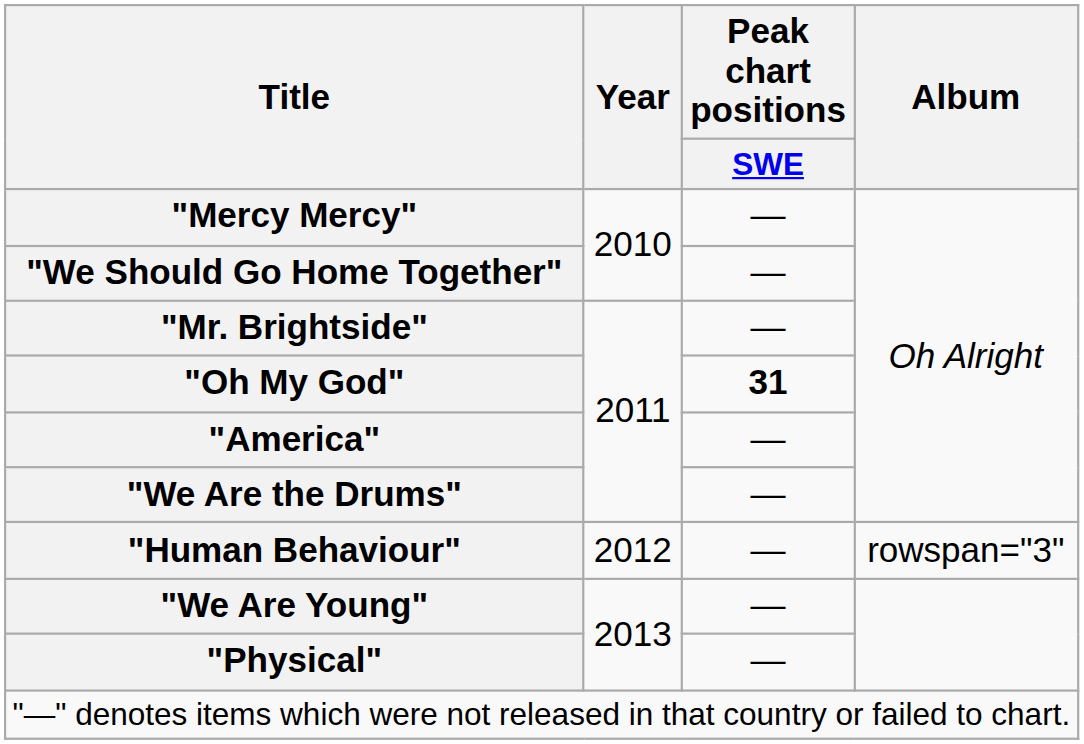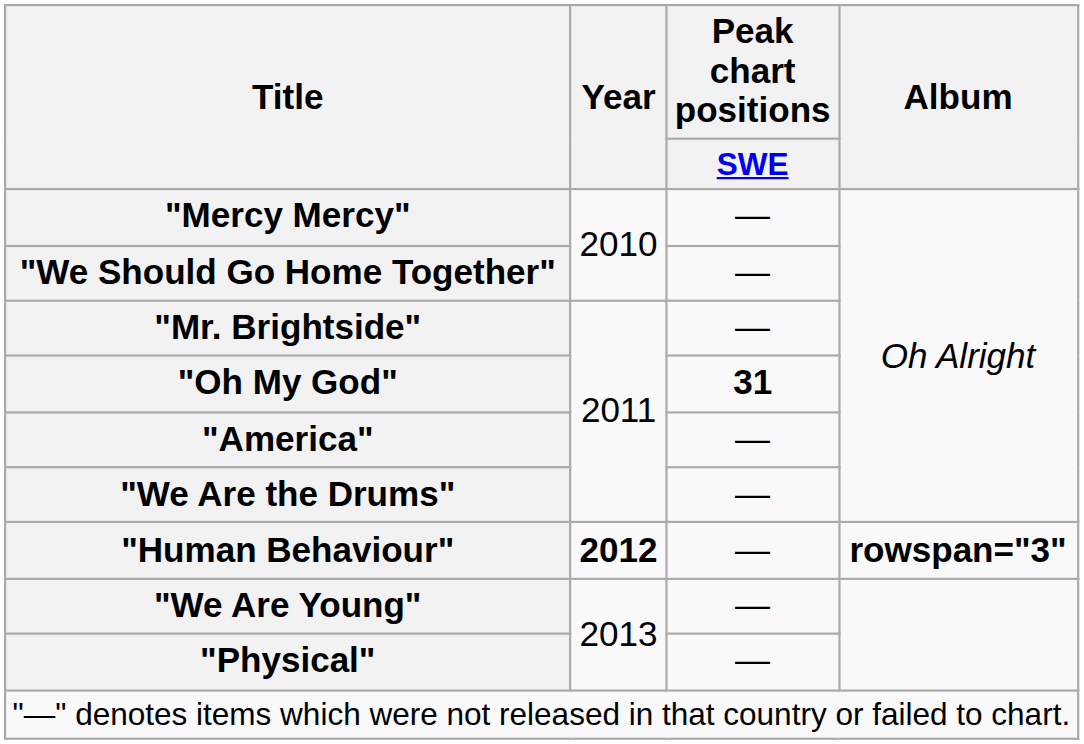 <table class="wikitable plainrowheaders" style="text-align:center;">
 <tr>
 <th scope="col" rowspan="2">Title</th>
 <th scope="col" rowspan="2">Year</th>
 <th scope="col" colspan="1">Peak chart positions</th>
 <th scope="col" rowspan="2">Album</th>
 </tr>
 <tr>
 <th scope="col" style="width:3em;font-size:90%;"><a href='#'>SWE</a><br></th>
 </tr>
 <tr>
 <th scope="row">"Mercy Mercy"</th>
 <td rowspan="2">2010</td>
 <td>—</td>
 <td rowspan="6"><em>Oh Alright</em></td>
 </tr>
 <tr>
 <th scope="row">"We Should Go Home Together"</th>
 <td>—</td>
 </tr>
 <tr>
 <th scope="row">"Mr. Brightside"</th>
 <td rowspan="4">2011</td>
 <td>—</td>
 </tr>
 <tr>
 <th scope="row">"Oh My God"</th>
 <td><strong>31</strong></td>
 </tr>
 <tr>
 <th scope="row">"America"</th>
 <td>—</td>
 </tr>
 <tr>
 <th scope="row">"We Are the Drums"</th>
 <td>—</td>
 </tr>
 <tr>
 <th scope="row">"Human Behaviour"</th>
-<td>2012</td>
+<td><strong>2012</strong></td>
 <td>—</td>
-<td>rowspan="3" </td>
+<td><strong>rowspan="3" </strong></td>
 </tr>
 <tr>
 <th scope="row">"We Are Young"</th>
 <td rowspan="2">2013</td>
 <td>—</td>
 </tr>
 <tr>
 <th scope="row">"Physical"</th>
 <td>—</td>
 </tr>
 <tr>
 <td colspan="14" style="font-size:90%">"—" denotes items which were not released in that country or failed to chart.</td>
 </tr>
 </table>
